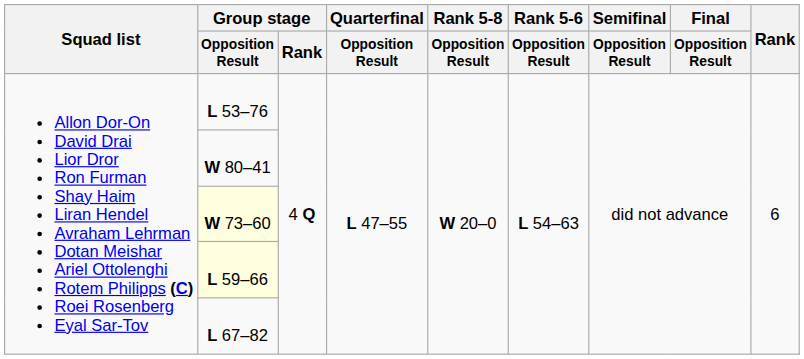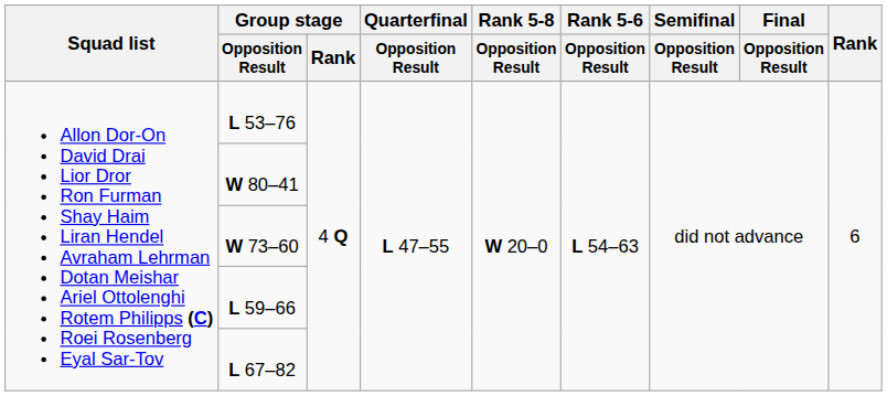 <table class=wikitable style="font-size:90%">
 <tr>
 <th rowspan="2">Squad list</th>
 <th colspan="2">Group stage</th>
 <th>Quarterfinal</th>
 <th>Rank 5-8</th>
 <th>Rank 5-6</th>
 <th>Semifinal</th>
 <th>Final</th>
 <th rowspan="2">Rank</th>
 </tr>
 <tr>
 <th style="line-height:1em"><small>Opposition<br>Result</small></th>
 <th>Rank</th>
 <th style="line-height:1em"><small>Opposition<br>Result</small></th>
 <th style="line-height:1em"><small>Opposition<br>Result</small></th>
 <th style="line-height:1em"><small>Opposition<br>Result</small></th>
 <th style="line-height:1em"><small>Opposition<br>Result</small></th>
 <th style="line-height:1em"><small>Opposition<br>Result</small></th>
 </tr>
 <tr>
 <td rowspan="5"><br><ul><li><a href='#'>Allon Dor-On</a></li><li><a href='#'>David Drai</a></li><li><a href='#'>Lior Dror</a></li><li><a href='#'>Ron Furman</a></li><li><a href='#'>Shay Haim</a></li><li><a href='#'>Liran Hendel</a></li><li><a href='#'>Avraham Lehrman</a></li><li><a href='#'>Dotan Meishar</a></li><li><a href='#'>Ariel Ottolenghi</a></li><li><a href='#'>Rotem Philipps</a> <strong>(<a href='#'>C</a>)</strong></li><li><a href='#'>Roei Rosenberg</a></li><li><a href='#'>Eyal Sar-Tov</a></li></ul></td>
 <td align="center"><br> <strong>L</strong> 53–76</td>
 <td rowspan="5" align="center">4 <strong>Q</strong></td>
 <td rowspan="5" align="center"><br><strong>L</strong> 47–55</td>
 <td rowspan="5" align="center"><br><strong>W</strong> 20–0</td>
 <td rowspan="5" align="center"><br><strong>L</strong> 54–63</td>
 <td rowspan="5" align="center" colspan="2">did not advance</td>
 <td rowspan="5" align="center">6</td>
 </tr>
 <tr>
 <td align="center"><br> <strong>W</strong> 80–41</td>
 </tr>
 <tr>
-<td align="center" style="background: lightyellow;"><br> <strong>W</strong> 73–60</td>
+<td align="center"><br> <strong>W</strong> 73–60</td>
 </tr>
 <tr>
-<td align="center" style="background: lightyellow;"><br> <strong>L</strong> 59–66</td>
+<td align="center"><br> <strong>L</strong> 59–66</td>
 </tr>
 <tr>
 <td align="center"><br> <strong>L</strong> 67–82</td>
 </tr>
 </table>
